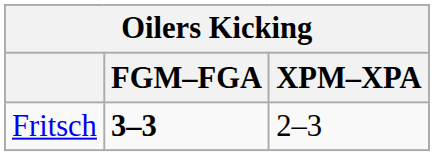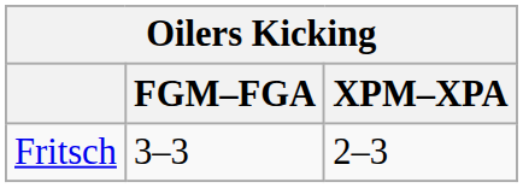 <table class="wikitable">
 <tr>
 <th colspan="3">Oilers Kicking</th>
 </tr>
 <tr>
 <th></th>
 <th>FGM–FGA</th>
 <th>XPM–XPA</th>
 </tr>
 <tr>
 <td><a href='#'>Fritsch</a></td>
-<td><strong>3–3</strong></td>
+<td>3–3</td>
 <td>2–3</td>
 </tr>
 </table>
